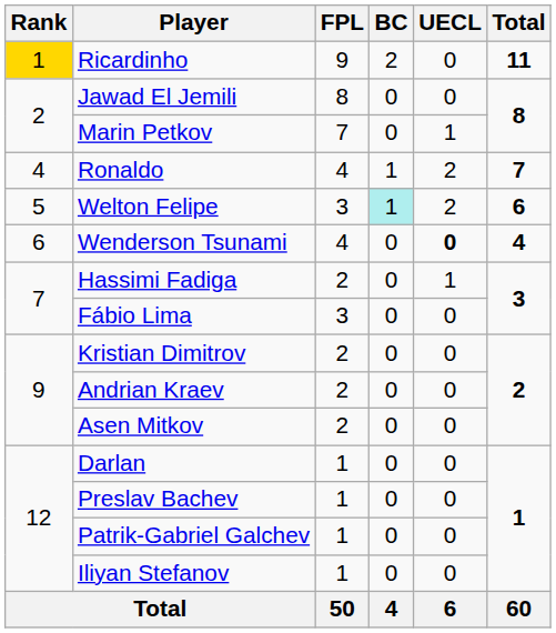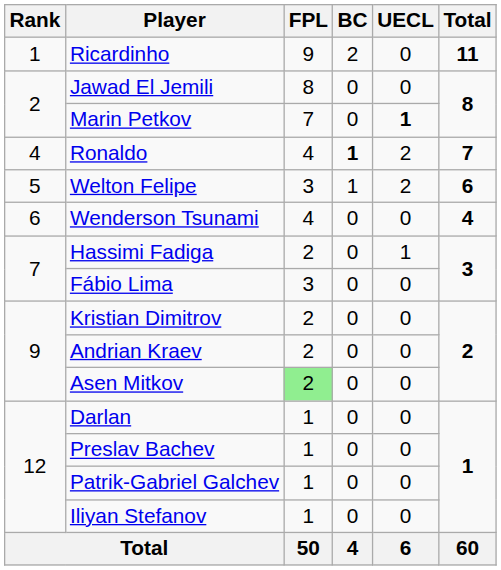 <table class="wikitable" style="text-align:center;">
 <tr>
 <th>Rank</th>
 <th>Player</th>
 <th><abbr>FPL</abbr></th>
 <th><abbr>BC</abbr></th>
 <th><abbr>UECL</abbr></th>
 <th>Total</th>
 </tr>
 <tr>
-<td style="background: gold;">1</td>
+<td>1</td>
 <td align=left> <a href='#'>Ricardinho</a></td>
 <td>9</td>
 <td>2</td>
 <td>0</td>
 <td><strong>11</strong></td>
 </tr>
 <tr>
 <td rowspan=2>2</td>
 <td align=left> <a href='#'>Jawad El Jemili</a></td>
 <td>8</td>
 <td>0</td>
 <td>0</td>
 <td rowspan=2><strong>8</strong></td>
 </tr>
 <tr>
 <td align=left> <a href='#'>Marin Petkov</a></td>
 <td>7</td>
 <td>0</td>
-<td>1</td>
+<td><strong>1</strong></td>
 </tr>
 <tr>
 <td>4</td>
 <td align=left> <a href='#'>Ronaldo</a></td>
 <td>4</td>
-<td>1</td>
+<td><strong>1</strong></td>
 <td>2</td>
 <td><strong>7</strong></td>
 </tr>
 <tr>
 <td>5</td>
 <td align=left> <a href='#'>Welton Felipe</a></td>
 <td>3</td>
-<td style="background: paleturquoise;">1</td>
+<td>1</td>
 <td>2</td>
 <td><strong>6</strong></td>
 </tr>
 <tr>
 <td>6</td>
 <td align=left> <a href='#'>Wenderson Tsunami</a></td>
 <td>4</td>
 <td>0</td>
-<td><strong>0</strong></td>
+<td>0</td>
 <td><strong>4</strong></td>
 </tr>
 <tr>
 <td rowspan=2>7</td>
 <td align=left> <a href='#'>Hassimi Fadiga</a></td>
 <td>2</td>
 <td>0</td>
 <td>1</td>
 <td rowspan=2><strong>3</strong></td>
 </tr>
 <tr>
 <td align=left> <a href='#'>Fábio Lima</a></td>
 <td>3</td>
 <td>0</td>
 <td>0</td>
 </tr>
 <tr>
 <td rowspan=3>9</td>
 <td align=left> <a href='#'>Kristian Dimitrov</a></td>
 <td>2</td>
 <td>0</td>
 <td>0</td>
 <td rowspan=3><strong>2</strong></td>
 </tr>
 <tr>
 <td align=left> <a href='#'>Andrian Kraev</a></td>
 <td>2</td>
 <td>0</td>
 <td>0</td>
 </tr>
 <tr>
 <td align=left> <a href='#'>Asen Mitkov</a></td>
-<td>2</td>
+<td style="background: lightgreen;">2</td>
 <td>0</td>
 <td>0</td>
 </tr>
 <tr>
 <td rowspan=4>12</td>
 <td align=left> <a href='#'>Darlan</a></td>
 <td>1</td>
 <td>0</td>
 <td>0</td>
 <td rowspan=4><strong>1</strong></td>
 </tr>
 <tr>
 <td align=left> <a href='#'>Preslav Bachev</a></td>
 <td>1</td>
 <td>0</td>
 <td>0</td>
 </tr>
 <tr>
 <td align=left> <a href='#'>Patrik-Gabriel Galchev</a></td>
 <td>1</td>
 <td>0</td>
 <td>0</td>
 </tr>
 <tr>
 <td align=left> <a href='#'>Iliyan Stefanov</a></td>
 <td>1</td>
 <td>0</td>
 <td>0</td>
 </tr>
 <tr>
 <th colspan=2>Total</th>
 <th>50</th>
 <th>4</th>
 <th>6</th>
 <th>60</th>
 </tr>
 </table>
